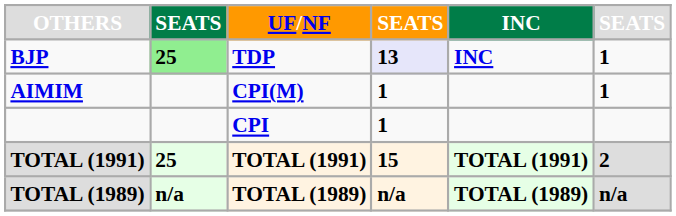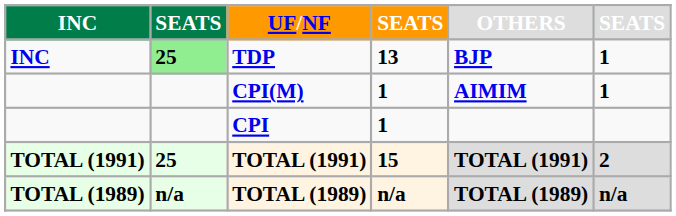 <table class="wikitable" style="font-weight: bold; font-size: x-small; font-family: verdana">
 <tr>
-<th style="background-color:#DDDDDD; color:white">OTHERS</th>
+<th style="background-color:#007D48; color:white">INC</th>
 <th style="background-color:#007D48; color:white">SEATS</th>
 <th style="background-color:#FF9900; color:white"><a href='#'>UF</a>/<a href='#'>NF</a></th>
 <th style="background-color:#FF9900; color:white">SEATS</th>
-<th style="background-color:#007D48; color:white">INC</th>
+<th style="background-color:#DDDDDD; color:white">OTHERS</th>
 <th style="background-color:#DDDDDD; color:white">SEATS</th>
 </tr>
 <tr --->
-<td><a href='#'>BJP</a></td>
+<td><a href='#'>INC</a></td>
 <td style="background: lightgreen;">25</td>
 <td><a href='#'>TDP</a></td>
-<td style="background: lavender;">13</td>
-<td><a href='#'>INC</a></td>
+<td>13</td>
+<td><a href='#'>BJP</a></td>
 <td>1</td>
 </tr>
 <tr --->
-<td><a href='#'>AIMIM</a></td>
+<td></td>
 <td></td>
 <td><a href='#'>CPI(M)</a></td>
 <td>1</td>
-<td></td>
+<td><a href='#'>AIMIM</a></td>
 <td>1</td>
 </tr>
 <tr --->
 <td></td>
 <td></td>
 <td><a href='#'>CPI</a></td>
 <td>1</td>
 <td></td>
 <td></td>
 </tr>
 <tr --->
-<td bgcolor=#DDDDDD>TOTAL (1991)</td>
+<td bgcolor=#E6FFE6>TOTAL (1991)</td>
 <td bgcolor=#E6FFE6>25</td>
 <td bgcolor=#FFF3E1>TOTAL (1991)</td>
 <td bgcolor=#FFF3E1>15</td>
-<td bgcolor=#E6FFE6>TOTAL (1991)</td>
+<td bgcolor=#DDDDDD>TOTAL (1991)</td>
 <td bgcolor=#DDDDDD>2</td>
 </tr>
 <tr --->
-<td bgcolor=#DDDDDD>TOTAL (1989)</td>
+<td bgcolor=#E6FFE6>TOTAL (1989)</td>
 <td bgcolor=#E6FFE6>n/a</td>
 <td bgcolor=#FFF3E1>TOTAL (1989)</td>
 <td bgcolor=#FFF3E1>n/a</td>
-<td bgcolor=#E6FFE6>TOTAL (1989)</td>
+<td bgcolor=#DDDDDD>TOTAL (1989)</td>
 <td bgcolor=#DDDDDD>n/a</td>
 </tr>
 </table>
